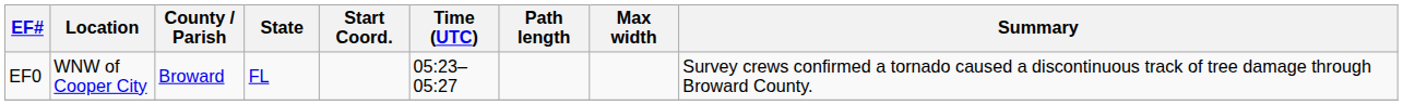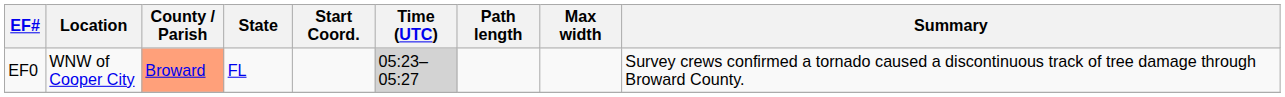 <table class="wikitable sortable" style="width:100%;">
 <tr>
 <th scope="col" style="width:3%; text-align:center;"><a href='#'>EF#</a></th>
 <th scope="col" style="width:7%; text-align:center;" class="unsortable">Location</th>
 <th scope="col" style="width:6%; text-align:center;" class="unsortable">County / Parish</th>
 <th scope="col" style="width:5%; text-align:center;">State</th>
 <th scope="col" style="width:6%; text-align:center;">Start Coord.</th>
 <th scope="col" style="width:6%; text-align:center;">Time (<a href='#'>UTC</a>)</th>
 <th scope="col" style="width:6%; text-align:center;">Path length</th>
 <th scope="col" style="width:6%; text-align:center;">Max width</th>
 <th scope="col" class="unsortable" style="width:48%; text-align:center;">Summary</th>
 </tr>
 <tr>
 <td>EF0</td>
 <td>WNW of <a href='#'>Cooper City</a></td>
-<td><a href='#'>Broward</a></td>
+<td style="background: lightsalmon;"><a href='#'>Broward</a></td>
 <td><a href='#'>FL</a></td>
 <td></td>
-<td>05:23–05:27</td>
+<td style="background: lightgrey;">05:23–05:27</td>
 <td></td>
 <td></td>
 <td>Survey crews confirmed a tornado caused a discontinuous track of tree damage through Broward County.</td>
 </tr>
 <tr>
 </tr>
 </table>
